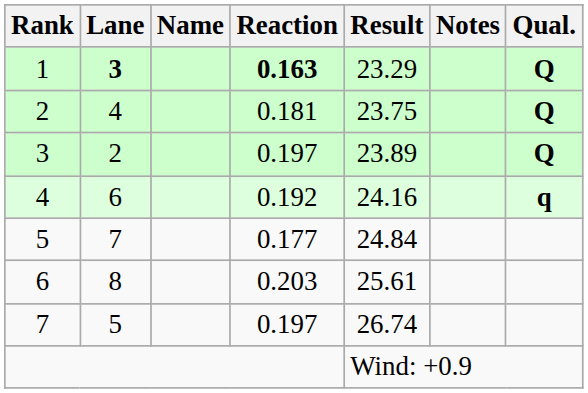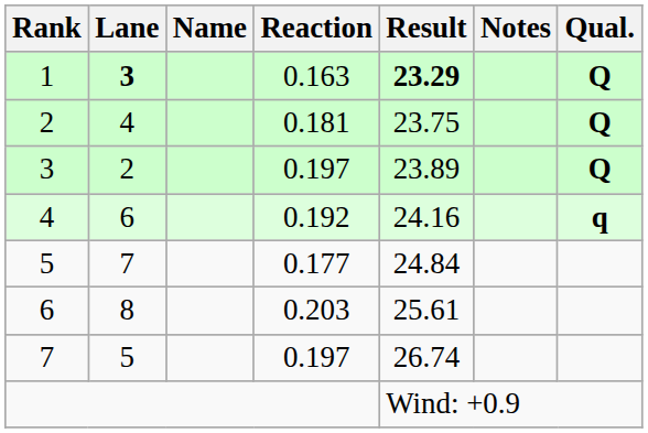 <table class="wikitable sortable" style="text-align:center">
 <tr>
 <th>Rank</th>
 <th>Lane</th>
 <th>Name</th>
 <th>Reaction</th>
 <th>Result</th>
 <th>Notes</th>
 <th>Qual.</th>
 </tr>
 <tr bgcolor=ccffcc>
 <td>1</td>
 <td><strong>3</strong></td>
 <td align="left"></td>
-<td><strong>0.163</strong></td>
-<td>23.29</td>
+<td>0.163</td>
+<td><strong>23.29</strong></td>
 <td></td>
 <td><strong>Q</strong></td>
 </tr>
 <tr bgcolor=ccffcc>
 <td>2</td>
 <td>4</td>
 <td align="left"></td>
 <td>0.181</td>
 <td>23.75</td>
 <td></td>
 <td><strong>Q</strong></td>
 </tr>
 <tr bgcolor=ccffcc>
 <td>3</td>
 <td>2</td>
 <td align="left"></td>
 <td>0.197</td>
 <td>23.89</td>
 <td></td>
 <td><strong>Q</strong></td>
 </tr>
 <tr bgcolor=ddffdd>
 <td>4</td>
 <td>6</td>
 <td align="left"></td>
 <td>0.192</td>
 <td>24.16</td>
 <td></td>
 <td><strong>q</strong></td>
 </tr>
 <tr>
 <td>5</td>
 <td>7</td>
 <td align="left"></td>
 <td>0.177</td>
 <td>24.84</td>
 <td></td>
 <td></td>
 </tr>
 <tr>
 <td>6</td>
 <td>8</td>
 <td align="left"></td>
 <td>0.203</td>
 <td>25.61</td>
 <td></td>
 <td></td>
 </tr>
 <tr>
 <td>7</td>
 <td>5</td>
 <td align="left"></td>
 <td>0.197</td>
 <td>26.74</td>
 <td></td>
 <td></td>
 </tr>
 <tr class="sortbottom">
 <td colspan=4></td>
 <td colspan="3" style="text-align:left;">Wind: +0.9</td>
 </tr>
 </table>
